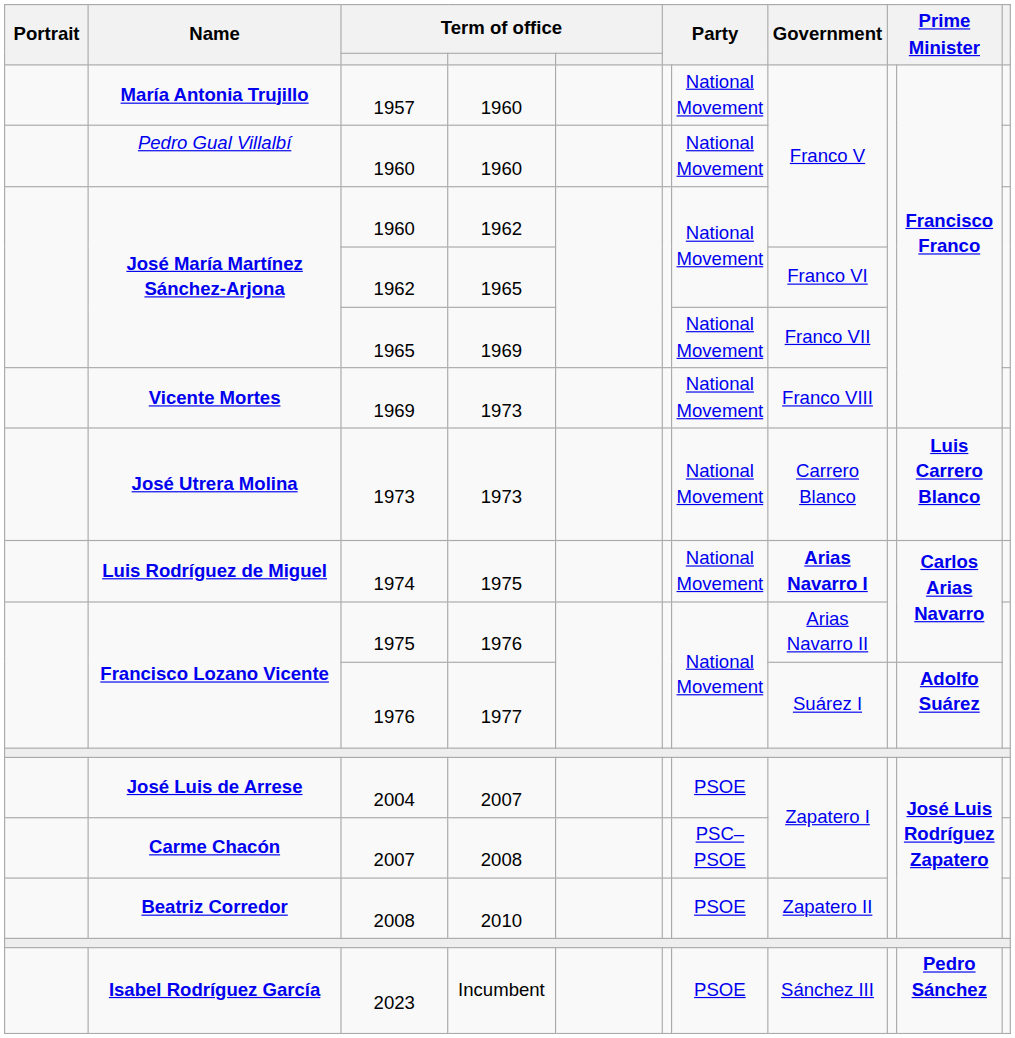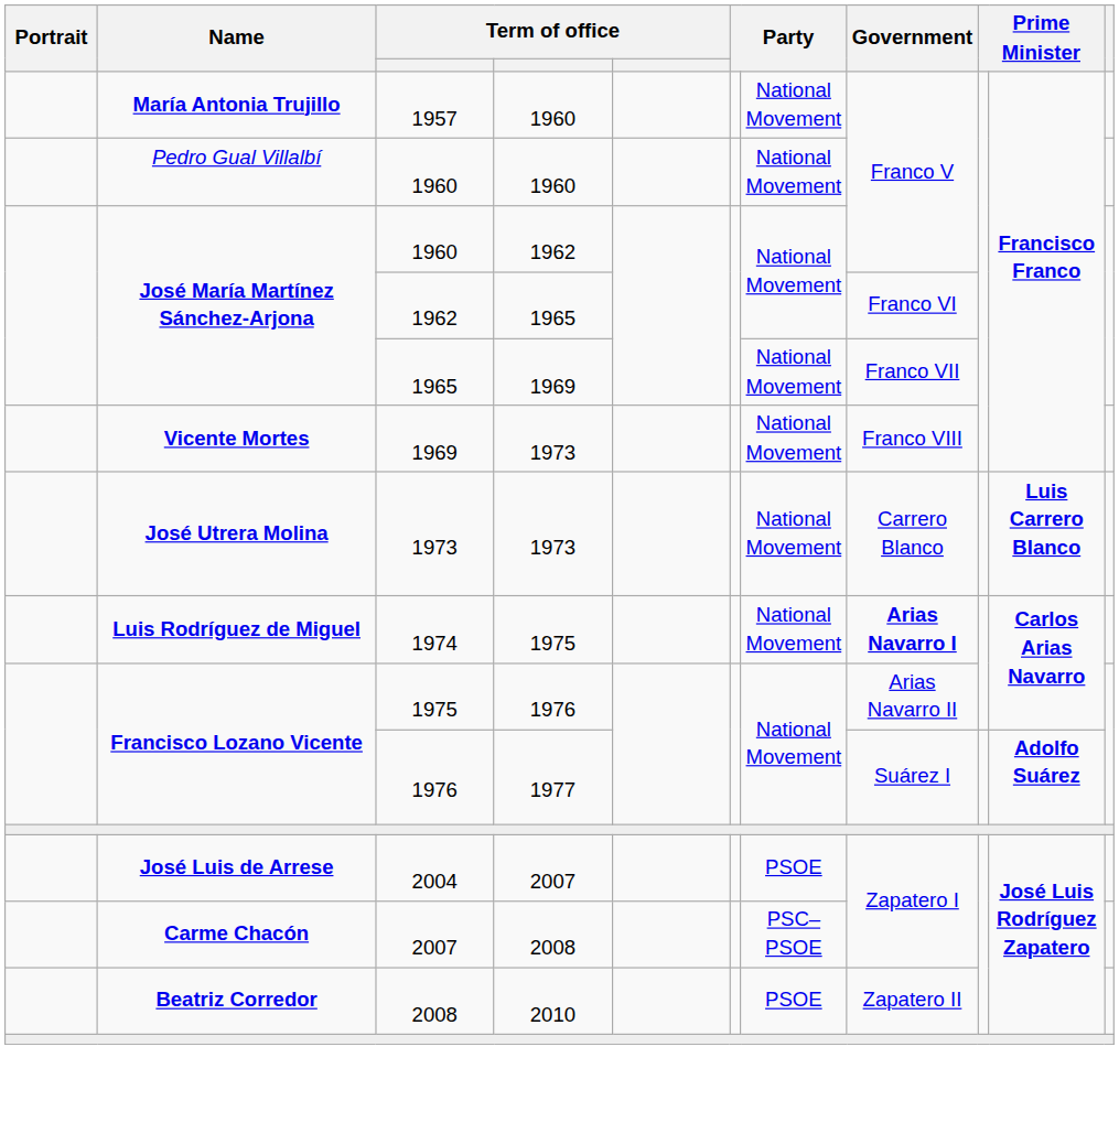 <table class="wikitable" style="line-height:1.4em; text-align:center; border:1px #aaf solid;">
 <tr>
 <th rowspan="2" width="65">Portrait</th>
 <th rowspan="2" width="210">Name<br></th>
 <th colspan="3">Term of office</th>
 <th rowspan="2" colspan="2" width="90">Party</th>
 <th rowspan="2">Government</th>
 <th rowspan="2" colspan="2"><a href='#'>Prime Minister</a><br></th>
 <th rowspan="2"></th>
 </tr>
 <tr>
 <th width="85"></th>
 <th width="85"></th>
 <th width="85"></th>
 </tr>
 <tr>
 <td></td>
 <td><strong><a href='#'>María Antonia Trujillo</a></strong><br></td>
 <td class="nowrap"><br>1957</td>
 <td class="nowrap"><br>1960</td>
 <td style="font-size:95%;"></td>
 <td width="1" style="color:inherit;background:"></td>
 <td><a href='#'>National<br>Movement</a><br></td>
 <td rowspan="3"><a href='#'>Franco V</a></td>
 <td width="1" rowspan="6" style="color:inherit;background:"></td>
 <td rowspan="6"><strong><a href='#'>Francisco Franco</a></strong><br><br></td>
 <td align="center"><br></td>
 </tr>
 <tr>
 <td></td>
 <td><em><a href='#'>Pedro Gual Villalbí</a><br></em><br></td>
 <td class="nowrap"><br>1960</td>
 <td class="nowrap"><br>1960</td>
 <td style="font-size:95%;"></td>
 <td style="color:inherit;background:"></td>
 <td><a href='#'>National<br>Movement</a><br></td>
 <td><br></td>
 </tr>
 <tr>
 <td rowspan="3"></td>
 <td rowspan="3"><strong><a href='#'>José María Martínez<br>Sánchez-Arjona</a></strong><br></td>
 <td class="nowrap"><br>1960</td>
 <td class="nowrap"><br>1962</td>
 <td rowspan="3" style="font-size:95%;"></td>
 <td rowspan="3" style="color:inherit;background:"></td>
 <td rowspan="2"><a href='#'>National<br>Movement</a><br></td>
 <td rowspan="3" align="center"><br><br><br></td>
 </tr>
 <tr>
 <td class="nowrap"><br>1962</td>
 <td class="nowrap"><br>1965</td>
 <td><a href='#'>Franco VI</a></td>
 </tr>
 <tr>
 <td class="nowrap"><br>1965</td>
 <td class="nowrap"><br>1969</td>
 <td><a href='#'>National<br>Movement</a><br></td>
 <td><a href='#'>Franco VII</a></td>
 </tr>
 <tr>
 <td></td>
 <td><strong><a href='#'>Vicente Mortes</a></strong><br></td>
 <td class="nowrap"><br>1969</td>
 <td class="nowrap"><br>1973</td>
 <td style="font-size:95%;"></td>
 <td style="color:inherit;background:"></td>
 <td><a href='#'>National<br>Movement</a><br></td>
 <td><a href='#'>Franco VIII</a></td>
 <td align="center"></td>
 </tr>
 <tr>
 <td></td>
 <td><strong><a href='#'>José Utrera Molina</a></strong><br></td>
 <td class="nowrap"><br>1973</td>
 <td class="nowrap"><br>1973</td>
 <td style="font-size:95%;"></td>
 <td style="color:inherit;background:"></td>
 <td><a href='#'>National<br>Movement</a><br></td>
 <td><a href='#'>Carrero Blanco</a></td>
 <td style="color:inherit;background:"></td>
 <td><strong><a href='#'>Luis Carrero Blanco</a></strong><br><br></td>
 <td align="center"></td>
 </tr>
 <tr>
 <td></td>
 <td><strong><a href='#'>Luis Rodríguez de Miguel</a></strong><br></td>
 <td class="nowrap"><br>1974</td>
 <td class="nowrap"><br>1975</td>
 <td style="font-size:95%;"></td>
 <td style="color:inherit;background:"></td>
 <td><a href='#'>National<br>Movement</a><br></td>
 <td><strong><a href='#'>Arias Navarro I</a></strong></td>
 <td rowspan="2" style="color:inherit;background:"></td>
 <td rowspan="2"><strong><a href='#'>Carlos Arias Navarro</a></strong><br><br></td>
 <td align="center"><br></td>
 </tr>
 <tr>
 <td rowspan="2"></td>
 <td rowspan="2"><strong><a href='#'>Francisco Lozano Vicente</a></strong><br></td>
 <td class="nowrap"><br>1975</td>
 <td class="nowrap"><br>1976</td>
 <td rowspan="2" style="font-size:95%;"></td>
 <td rowspan="2" style="color:inherit;background:"></td>
 <td rowspan="2"><a href='#'>National<br>Movement</a><br></td>
 <td><a href='#'>Arias Navarro II</a></td>
 <td rowspan="2" align="center"><br><br></td>
 </tr>
 <tr>
 <td class="nowrap"><br>1976</td>
 <td class="nowrap"><br>1977</td>
 <td><a href='#'>Suárez I</a></td>
 <td style="color:inherit;background:"></td>
 <td><strong><a href='#'>Adolfo Suárez</a></strong><br><br></td>
 </tr>
 <tr>
 <td colspan="11" style="color:inherit;background:#EEEEEE;"></td>
 </tr>
 <tr>
 <td></td>
 <td><strong><a href='#'>José Luis de Arrese</a></strong><br></td>
 <td class="nowrap"><br>2004</td>
 <td class="nowrap"><br>2007</td>
 <td style="font-size:95%;"></td>
 <td style="color:inherit;background:"></td>
 <td><a href='#'>PSOE</a></td>
 <td rowspan="2"><a href='#'>Zapatero I</a></td>
 <td rowspan="3" style="color:inherit;background:"></td>
 <td rowspan="3"><strong><a href='#'>José Luis<br>Rodríguez Zapatero</a></strong><br><br></td>
 <td align="center"><br></td>
 </tr>
 <tr>
 <td></td>
 <td><strong><a href='#'>Carme Chacón</a></strong><br></td>
 <td class="nowrap"><br>2007</td>
 <td class="nowrap"><br>2008</td>
 <td style="font-size:95%;"></td>
 <td style="color:inherit;background:"></td>
 <td><a href='#'>PSC–PSOE</a></td>
 <td><br></td>
 </tr>
 <tr>
 <td></td>
 <td><strong><a href='#'>Beatriz Corredor</a></strong><br></td>
 <td class="nowrap"><br>2008</td>
 <td class="nowrap"><br>2010</td>
 <td style="font-size:95%;"></td>
 <td style="color:inherit;background:"></td>
 <td><a href='#'>PSOE</a></td>
 <td><a href='#'>Zapatero II</a></td>
 <td><br></td>
 </tr>
 <tr>
 <td colspan="11" style="color:inherit;background:#EEEEEE;"></td>
 </tr>
-<tr>
-<td></td>
-<td><strong><a href='#'>Isabel Rodríguez García</a></strong><br></td>
-<td class="nowrap"><br>2023</td>
-<td class="nowrap">Incumbent</td>
-<td style="font-size:95%;"></td>
-<td style="color:inherit;background:"></td>
-<td><a href='#'>PSOE</a></td>
-<td><a href='#'>Sánchez III</a></td>
-<td style="color:inherit;background:"></td>
-<td><strong><a href='#'>Pedro Sánchez</a></strong><br><br></td>
-<td align="center"></td>
-</tr>
 </table>
